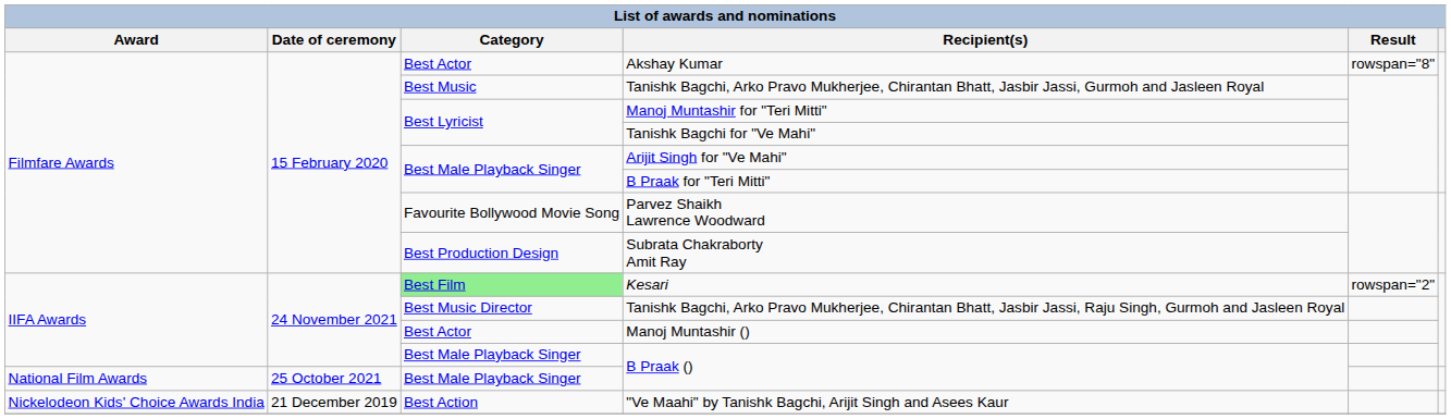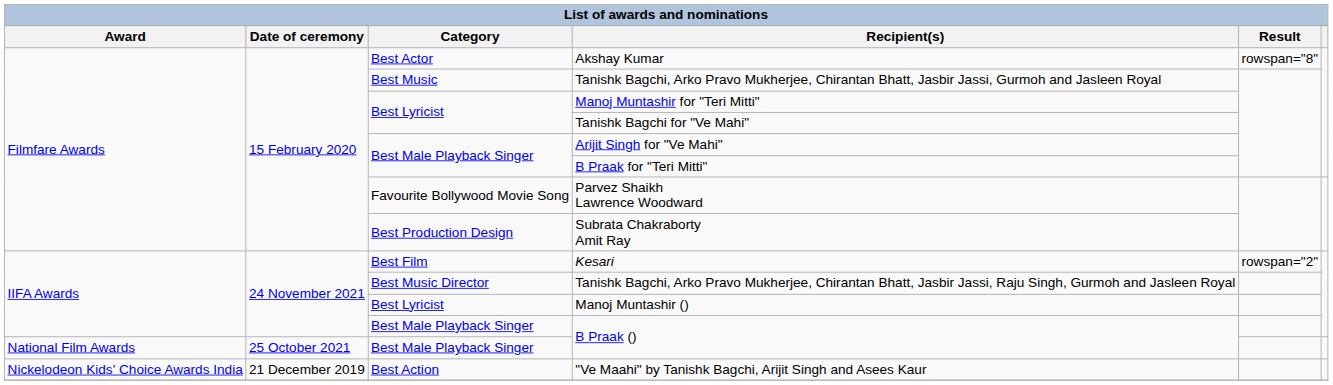 <table class="wikitable sortable">
 <tr style="background:#ccc; text-align:center;">
 <th colspan="6" style="background: LightSteelBlue;">List of awards and nominations</th>
 </tr>
 <tr style="background:#ccc; text-align:center;">
 <th>Award</th>
 <th>Date of ceremony</th>
 <th>Category</th>
 <th>Recipient(s)</th>
 <th>Result</th>
 <th class="unsortable"></th>
 </tr>
 <tr>
 <td rowspan="8"><a href='#'>Filmfare Awards</a></td>
 <td rowspan="8"><a href='#'>15 February 2020</a></td>
 <td><a href='#'>Best Actor</a></td>
 <td>Akshay Kumar</td>
 <td>rowspan="8" </td>
 <td rowspan="6"></td>
 </tr>
 <tr>
 <td><a href='#'>Best Music</a></td>
 <td>Tanishk Bagchi, Arko Pravo Mukherjee, Chirantan Bhatt, Jasbir Jassi, Gurmoh and Jasleen Royal</td>
 </tr>
 <tr>
 <td rowspan="2"><a href='#'>Best Lyricist</a></td>
 <td><a href='#'>Manoj Muntashir</a> for "Teri Mitti"</td>
 </tr>
 <tr>
 <td>Tanishk Bagchi for "Ve Mahi"</td>
 </tr>
 <tr>
 <td rowspan="2"><a href='#'>Best Male Playback Singer</a></td>
 <td><a href='#'>Arijit Singh</a> for "Ve Mahi"</td>
 </tr>
 <tr>
 <td><a href='#'>B Praak</a> for "Teri Mitti"</td>
 </tr>
 <tr>
 <td>Favourite Bollywood Movie Song</td>
 <td>Parvez Shaikh<br>Lawrence Woodward</td>
 <td rowspan="2"></td>
 </tr>
 <tr>
 <td><a href='#'>Best Production Design</a></td>
 <td>Subrata Chakraborty<br>Amit Ray</td>
 </tr>
 <tr>
 <td rowspan="4"><a href='#'>IIFA Awards</a></td>
 <td rowspan="4"><a href='#'>24 November 2021</a></td>
-<td style="background: lightgreen;"><a href='#'>Best Film</a></td>
+<td><a href='#'>Best Film</a></td>
 <td><em>Kesari</em></td>
 <td>rowspan="2" </td>
 <td rowspan="4"></td>
 </tr>
 <tr>
 <td><a href='#'>Best Music Director</a></td>
 <td>Tanishk Bagchi, Arko Pravo Mukherjee, Chirantan Bhatt, Jasbir Jassi, Raju Singh, Gurmoh and Jasleen Royal</td>
 </tr>
 <tr>
-<td><a href='#'>Best Actor</a></td>
+<td><a href='#'>Best Lyricist</a></td>
 <td>Manoj Muntashir ()</td>
 <td></td>
 </tr>
 <tr>
 <td><a href='#'>Best Male Playback Singer</a></td>
 <td rowspan="2"><a href='#'>B Praak</a> ()</td>
 <td></td>
 </tr>
 <tr>
 <td><a href='#'>National Film Awards</a></td>
 <td><a href='#'>25 October 2021</a></td>
 <td><a href='#'>Best Male Playback Singer</a></td>
 <td></td>
 <td></td>
 </tr>
 <tr>
 <td><a href='#'>Nickelodeon Kids' Choice Awards India</a></td>
 <td>21 December 2019</td>
 <td><a href='#'>Best Action</a></td>
 <td>"Ve Maahi" by 	Tanishk Bagchi, Arijit Singh and Asees Kaur</td>
 <td></td>
 <td></td>
 </tr>
 <tr>
 </tr>
 </table>
